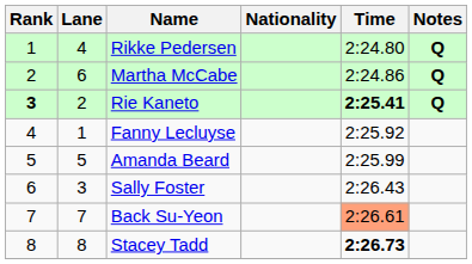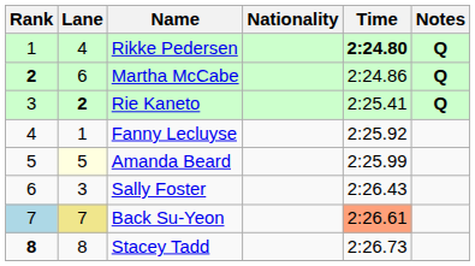 <table class="wikitable sortable" style="text-align:center">
 <tr>
 <th>Rank</th>
 <th>Lane</th>
 <th>Name</th>
 <th>Nationality</th>
 <th>Time</th>
 <th>Notes</th>
 </tr>
 <tr bgcolor=ccffcc>
 <td>1</td>
 <td>4</td>
 <td align=left><a href='#'>Rikke Pedersen</a></td>
 <td align=left></td>
-<td>2:24.80</td>
+<td><strong>2:24.80</strong></td>
 <td><strong>Q</strong></td>
 </tr>
 <tr bgcolor=ccffcc>
-<td>2</td>
+<td><strong>2</strong></td>
 <td>6</td>
 <td align=left><a href='#'>Martha McCabe</a></td>
 <td align=left></td>
 <td>2:24.86</td>
 <td><strong>Q</strong></td>
 </tr>
 <tr bgcolor=ccffcc>
-<td><strong>3</strong></td>
-<td>2</td>
+<td>3</td>
+<td><strong>2</strong></td>
 <td align=left><a href='#'>Rie Kaneto</a></td>
 <td align=left></td>
-<td><strong>2:25.41</strong></td>
+<td>2:25.41</td>
 <td><strong>Q</strong></td>
 </tr>
 <tr>
 <td>4</td>
 <td>1</td>
 <td align=left><a href='#'>Fanny Lecluyse</a></td>
 <td align=left></td>
 <td>2:25.92</td>
 <td></td>
 </tr>
 <tr>
 <td>5</td>
-<td>5</td>
+<td style="background: lightyellow;">5</td>
 <td align=left><a href='#'>Amanda Beard</a></td>
 <td align=left></td>
 <td>2:25.99</td>
 <td></td>
 </tr>
 <tr>
 <td>6</td>
 <td>3</td>
 <td align=left><a href='#'>Sally Foster</a></td>
 <td align=left></td>
 <td>2:26.43</td>
 <td></td>
 </tr>
 <tr>
-<td>7</td>
-<td>7</td>
+<td style="background: lightblue;">7</td>
+<td style="background: khaki;">7</td>
 <td align=left><a href='#'>Back Su-Yeon</a></td>
 <td align=left></td>
 <td style="background: lightsalmon;">2:26.61</td>
 <td></td>
 </tr>
 <tr>
-<td>8</td>
+<td><strong>8</strong></td>
 <td>8</td>
 <td align=left><a href='#'>Stacey Tadd</a></td>
 <td align=left></td>
-<td><strong>2:26.73</strong></td>
+<td>2:26.73</td>
 <td></td>
 </tr>
 <tr>
 </tr>
 </table>
